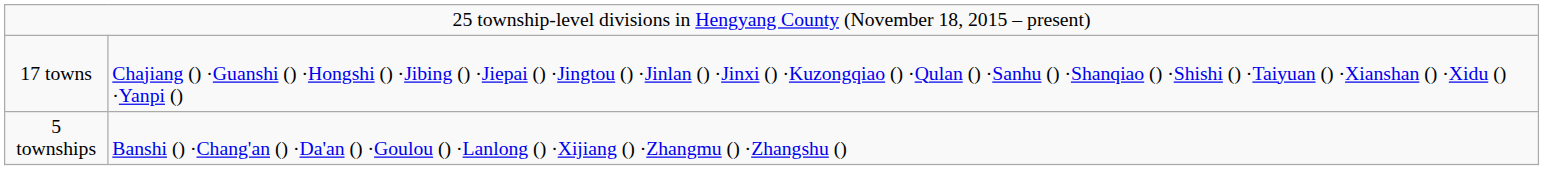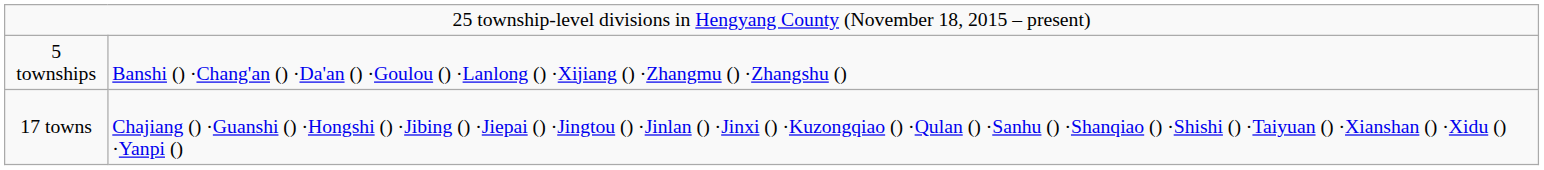 <table class="wikitable">
 <tr>
 <td style="text-align:center;" colspan="2">25 township-level divisions in <a href='#'>Hengyang County</a> (November 18, 2015 – present)</td>
 </tr>
 <tr align=left>
+<td align=center>5 townships</td>
+<td><br><a href='#'>Banshi</a> () ·<a href='#'>Chang'an</a> () ·<a href='#'>Da'an</a> () ·<a href='#'>Goulou</a> () ·<a href='#'>Lanlong</a> () ·<a href='#'>Xijiang</a> () ·<a href='#'>Zhangmu</a> () ·<a href='#'>Zhangshu</a> ()</td>
+</tr>
+<tr align=left>
 <td align=center>17 towns</td>
 <td><br><a href='#'>Chajiang</a> () ·<a href='#'>Guanshi</a> () ·<a href='#'>Hongshi</a> () ·<a href='#'>Jibing</a> () ·<a href='#'>Jiepai</a> () ·<a href='#'>Jingtou</a> () ·<a href='#'>Jinlan</a> () ·<a href='#'>Jinxi</a> () ·<a href='#'>Kuzongqiao</a> () ·<a href='#'>Qulan</a> () ·<a href='#'>Sanhu</a> () ·<a href='#'>Shanqiao</a> () ·<a href='#'>Shishi</a> () ·<a href='#'>Taiyuan</a> () ·<a href='#'>Xianshan</a> () ·<a href='#'>Xidu</a> () ·<a href='#'>Yanpi</a> ()</td>
 </tr>
-<tr align=left>
-<td align=center>5 townships</td>
-<td><br><a href='#'>Banshi</a> () ·<a href='#'>Chang'an</a> () ·<a href='#'>Da'an</a> () ·<a href='#'>Goulou</a> () ·<a href='#'>Lanlong</a> () ·<a href='#'>Xijiang</a> () ·<a href='#'>Zhangmu</a> () ·<a href='#'>Zhangshu</a> ()</td>
-</tr>
 </table>
